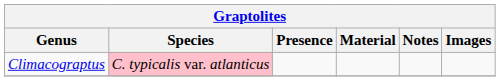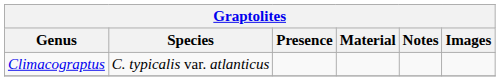 <table class="wikitable" align="center">
 <tr>
 <th colspan="6" align="center"><strong><a href='#'>Graptolites</a></strong></th>
 </tr>
 <tr>
 <th>Genus</th>
 <th>Species</th>
 <th>Presence</th>
 <th><strong>Material</strong></th>
 <th>Notes</th>
 <th>Images</th>
 </tr>
 <tr>
 <td><em><a href='#'>Climacograptus</a></em></td>
-<td style="background: pink;"><em>C. typicalis</em> var. <em>atlanticus</em></td>
+<td><em>C. typicalis</em> var. <em>atlanticus</em></td>
 <td></td>
 <td></td>
 <td></td>
 <td></td>
 </tr>
 <tr>
 </tr>
 </table>
